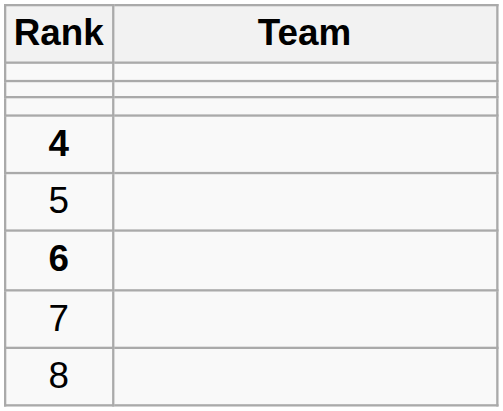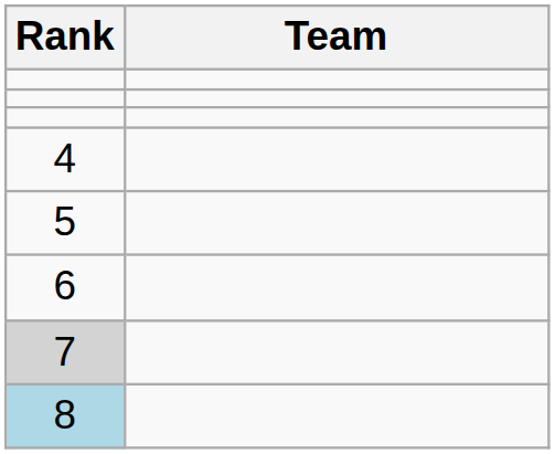 <table class="wikitable">
 <tr>
 <th>Rank</th>
 <th style="width:10em">Team</th>
 </tr>
 <tr>
 <td align="center"></td>
 <td></td>
 </tr>
 <tr>
 <td align="center"></td>
 <td></td>
 </tr>
 <tr>
 <td align="center"></td>
 <td></td>
 </tr>
 <tr>
-<td align="center"><strong>4</strong></td>
+<td align="center">4</td>
 <td></td>
 </tr>
 <tr>
 <td align="center">5</td>
 <td></td>
 </tr>
 <tr>
-<td align="center"><strong>6</strong></td>
+<td align="center">6</td>
 <td></td>
 </tr>
 <tr>
-<td align="center">7</td>
+<td align="center" style="background: lightgrey;">7</td>
 <td></td>
 </tr>
 <tr>
-<td align="center">8</td>
+<td align="center" style="background: lightblue;">8</td>
 <td></td>
 </tr>
 </table>
